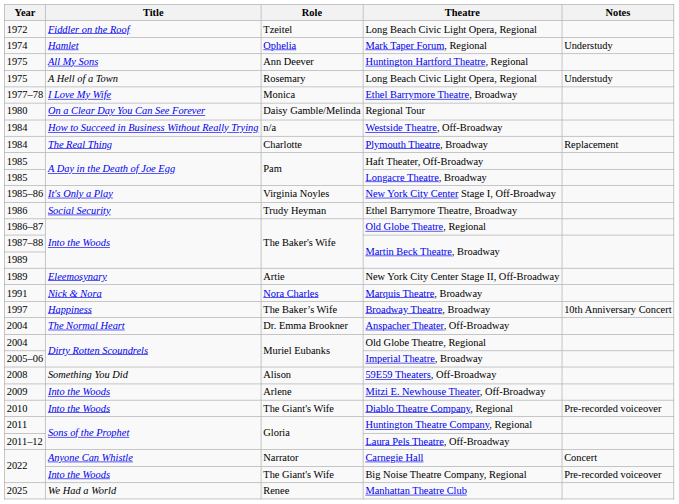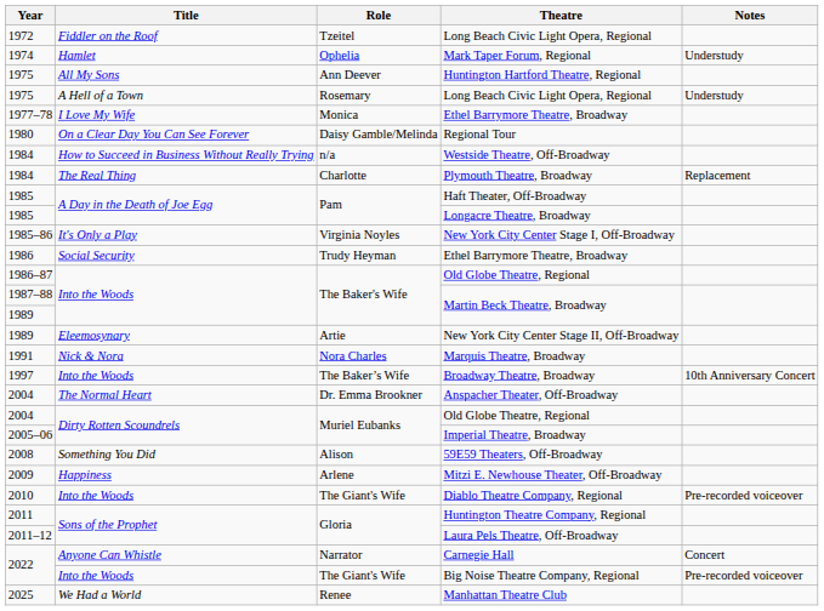 <table class="wikitable sortable">
 <tr>
 <th>Year</th>
 <th>Title</th>
 <th>Role</th>
 <th>Theatre</th>
 <th class="unsortable">Notes</th>
 </tr>
 <tr>
 <td>1972</td>
 <td><em><a href='#'>Fiddler on the Roof</a></em></td>
 <td>Tzeitel</td>
 <td>Long Beach Civic Light Opera, Regional</td>
 <td></td>
 </tr>
 <tr>
 <td>1974</td>
 <td><em><a href='#'>Hamlet</a></em></td>
 <td><a href='#'>Ophelia</a></td>
 <td><a href='#'>Mark Taper Forum</a>, Regional</td>
 <td>Understudy</td>
 </tr>
 <tr>
 <td>1975</td>
 <td><em><a href='#'>All My Sons</a></em></td>
 <td>Ann Deever</td>
 <td><a href='#'>Huntington Hartford Theatre</a>, Regional</td>
 <td></td>
 </tr>
 <tr>
 <td>1975</td>
 <td data-sort-value="Hell of a Town, A"><em>A Hell of a Town</em></td>
 <td>Rosemary</td>
 <td>Long Beach Civic Light Opera, Regional</td>
 <td>Understudy</td>
 </tr>
 <tr>
 <td>1977–78</td>
 <td><em><a href='#'>I Love My Wife</a></em></td>
 <td>Monica</td>
 <td><a href='#'>Ethel Barrymore Theatre</a>, Broadway</td>
 <td></td>
 </tr>
 <tr>
 <td>1980</td>
 <td><em><a href='#'>On a Clear Day You Can See Forever</a></em></td>
 <td>Daisy Gamble/Melinda</td>
 <td>Regional Tour</td>
 <td></td>
 </tr>
 <tr>
 <td>1984</td>
 <td><em><a href='#'>How to Succeed in Business Without Really Trying</a></em></td>
 <td>n/a</td>
 <td><a href='#'>Westside Theatre</a>, Off-Broadway</td>
 <td></td>
 </tr>
 <tr>
 <td>1984</td>
 <td data-sort-value="Real Thing, The"><em><a href='#'>The Real Thing</a></em></td>
 <td>Charlotte</td>
 <td><a href='#'>Plymouth Theatre</a>, Broadway</td>
 <td>Replacement</td>
 </tr>
 <tr>
 <td>1985</td>
 <td rowspan=2 data-sort-value="Day in the Death of Joe Egg, A"><em><a href='#'>A Day in the Death of Joe Egg</a></em></td>
 <td rowspan=2>Pam</td>
 <td>Haft Theater, Off-Broadway</td>
 <td></td>
 </tr>
 <tr>
 <td>1985</td>
 <td><a href='#'>Longacre Theatre</a>, Broadway</td>
 <td></td>
 </tr>
 <tr>
 <td>1985–86</td>
 <td><em><a href='#'>It's Only a Play</a></em></td>
 <td>Virginia Noyles</td>
 <td><a href='#'>New York City Center</a> Stage I, Off-Broadway</td>
 <td></td>
 </tr>
 <tr>
 <td>1986</td>
 <td><em><a href='#'>Social Security</a></em></td>
 <td>Trudy Heyman</td>
 <td>Ethel Barrymore Theatre, Broadway</td>
 <td></td>
 </tr>
 <tr>
 <td>1986–87</td>
 <td rowspan="3"><em><a href='#'>Into the Woods</a></em></td>
 <td rowspan=3>The Baker's Wife</td>
 <td><a href='#'>Old Globe Theatre</a>, Regional</td>
 <td></td>
 </tr>
 <tr>
 <td>1987–88</td>
 <td rowspan=2><a href='#'>Martin Beck Theatre</a>, Broadway</td>
 <td rowspan=2></td>
 </tr>
 <tr>
 <td>1989</td>
 </tr>
 <tr>
 <td>1989</td>
 <td><em><a href='#'>Eleemosynary</a></em></td>
 <td>Artie</td>
 <td>New York City Center Stage II, Off-Broadway</td>
 <td></td>
 </tr>
 <tr>
 <td>1991</td>
 <td><em><a href='#'>Nick & Nora</a></em></td>
 <td><a href='#'>Nora Charles</a></td>
 <td><a href='#'>Marquis Theatre</a>, Broadway</td>
 <td></td>
 </tr>
 <tr>
 <td>1997</td>
-<td><em><a href='#'>Happiness</a></em></td>
+<td><em><a href='#'>Into the Woods</a></em></td>
 <td>The Baker’s Wife</td>
 <td><a href='#'>Broadway Theatre</a>, Broadway</td>
 <td>10th Anniversary Concert</td>
 </tr>
 <tr>
 <td>2004</td>
 <td data-sort-value="Normal Heart, The"><em><a href='#'>The Normal Heart</a></em></td>
 <td>Dr. Emma Brookner</td>
 <td><a href='#'>Anspacher Theater</a>, Off-Broadway</td>
 <td></td>
 </tr>
 <tr>
 <td>2004</td>
 <td rowspan=2><em><a href='#'>Dirty Rotten Scoundrels</a></em></td>
 <td rowspan=2>Muriel Eubanks</td>
 <td>Old Globe Theatre, Regional</td>
 <td></td>
 </tr>
 <tr>
 <td>2005–06</td>
 <td><a href='#'>Imperial Theatre</a>, Broadway</td>
 <td></td>
 </tr>
 <tr>
 <td>2008</td>
 <td><em>Something You Did</em></td>
 <td>Alison</td>
 <td><a href='#'>59E59 Theaters</a>, Off-Broadway</td>
 <td></td>
 </tr>
 <tr>
 <td>2009</td>
-<td><em><a href='#'>Into the Woods</a></em></td>
+<td><em><a href='#'>Happiness</a></em></td>
 <td>Arlene</td>
 <td><a href='#'>Mitzi E. Newhouse Theater</a>, Off-Broadway</td>
 <td></td>
 </tr>
 <tr>
 <td>2010</td>
 <td><em><a href='#'>Into the Woods</a></em></td>
 <td>The Giant's Wife</td>
 <td><a href='#'>Diablo Theatre Company</a>, Regional</td>
 <td>Pre-recorded voiceover</td>
 </tr>
 <tr>
 <td>2011</td>
 <td rowspan=2><em><a href='#'>Sons of the Prophet</a></em></td>
 <td rowspan=2>Gloria</td>
 <td><a href='#'>Huntington Theatre Company</a>, Regional</td>
 <td></td>
 </tr>
 <tr>
 <td>2011–12</td>
 <td><a href='#'>Laura Pels Theatre</a>, Off-Broadway</td>
 <td></td>
 </tr>
 <tr>
 <td rowspan=2>2022</td>
 <td><em><a href='#'>Anyone Can Whistle</a></em></td>
 <td>Narrator</td>
 <td><a href='#'>Carnegie Hall</a></td>
 <td>Concert</td>
 </tr>
 <tr>
 <td><em><a href='#'>Into the Woods</a></em></td>
 <td>The Giant's Wife</td>
 <td>Big Noise Theatre Company, Regional</td>
 <td>Pre-recorded voiceover</td>
 </tr>
 <tr>
 <td>2025</td>
 <td><em>We Had a World</em></td>
 <td>Renee</td>
 <td><a href='#'>Manhattan Theatre Club</a></td>
 </tr>
 </table>
